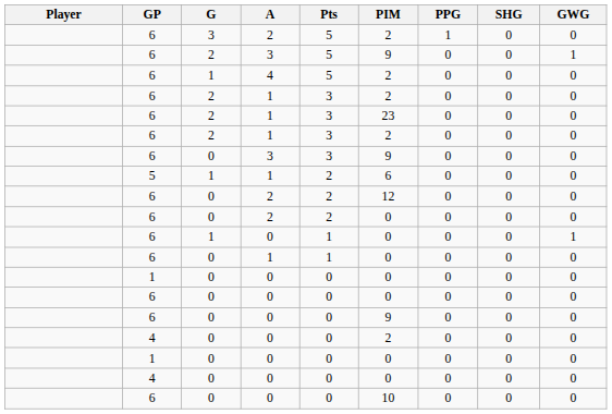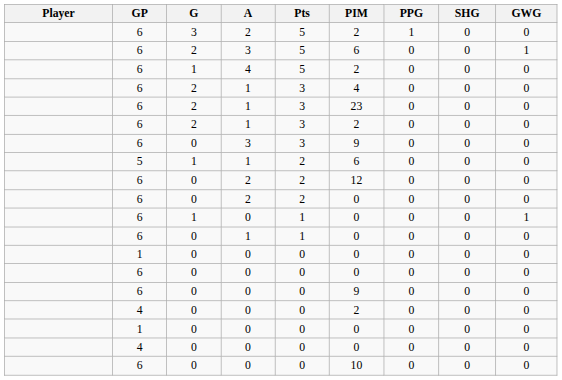 <table class="wikitable sortable" width="60%">
 <tr ALIGN="center">
 <th bgcolor="#DDDDFF" width="10%">Player</th>
 <th bgcolor="#DDDDFF" width="5%" title="Games played">GP</th>
 <th bgcolor="#DDDDFF" width="5%" title="Goals">G</th>
 <th bgcolor="#DDDDFF" width="5%" title="Assists">A</th>
 <th bgcolor="#DDDDFF" width="5%" title="Points">Pts</th>
 <th bgcolor="#DDDDFF" width="5%" title="Penalties in Minutes">PIM</th>
 <th bgcolor="#DDDDFF" width="5%" title="Power Play Goals">PPG</th>
 <th bgcolor="#DDDDFF" width="5%" title="Short-handed Goals">SHG</th>
 <th bgcolor="#DDDDFF" width="5%" title="Game-winning Goals">GWG</th>
 </tr>
 <tr align="center">
 <td align="right"></td>
 <td>6</td>
 <td>3</td>
 <td>2</td>
 <td>5</td>
 <td>2</td>
 <td>1</td>
 <td>0</td>
 <td>0</td>
 </tr>
 <tr align="center">
 <td align="right"></td>
 <td>6</td>
 <td>2</td>
 <td>3</td>
 <td>5</td>
-<td>9</td>
+<td>6</td>
 <td>0</td>
 <td>0</td>
 <td>1</td>
 </tr>
 <tr align="center">
 <td align="right"></td>
 <td>6</td>
 <td>1</td>
 <td>4</td>
 <td>5</td>
 <td>2</td>
 <td>0</td>
 <td>0</td>
 <td>0</td>
 </tr>
 <tr align="center">
 <td align="right"></td>
 <td>6</td>
 <td>2</td>
 <td>1</td>
 <td>3</td>
-<td>2</td>
+<td>4</td>
 <td>0</td>
 <td>0</td>
 <td>0</td>
 </tr>
 <tr align="center">
 <td align="right"></td>
 <td>6</td>
 <td>2</td>
 <td>1</td>
 <td>3</td>
 <td>23</td>
 <td>0</td>
 <td>0</td>
 <td>0</td>
 </tr>
 <tr align="center">
 <td align="right"></td>
 <td>6</td>
 <td>2</td>
 <td>1</td>
 <td>3</td>
 <td>2</td>
 <td>0</td>
 <td>0</td>
 <td>0</td>
 </tr>
 <tr align="center">
 <td align="right"></td>
 <td>6</td>
 <td>0</td>
 <td>3</td>
 <td>3</td>
 <td>9</td>
 <td>0</td>
 <td>0</td>
 <td>0</td>
 </tr>
 <tr align="center">
 <td align="right"></td>
 <td>5</td>
 <td>1</td>
 <td>1</td>
 <td>2</td>
 <td>6</td>
 <td>0</td>
 <td>0</td>
 <td>0</td>
 </tr>
 <tr align="center">
 <td align="right"></td>
 <td>6</td>
 <td>0</td>
 <td>2</td>
 <td>2</td>
 <td>12</td>
 <td>0</td>
 <td>0</td>
 <td>0</td>
 </tr>
 <tr align="center">
 <td align="right"></td>
 <td>6</td>
 <td>0</td>
 <td>2</td>
 <td>2</td>
 <td>0</td>
 <td>0</td>
 <td>0</td>
 <td>0</td>
 </tr>
 <tr align="center">
 <td align="right"></td>
 <td>6</td>
 <td>1</td>
 <td>0</td>
 <td>1</td>
 <td>0</td>
 <td>0</td>
 <td>0</td>
 <td>1</td>
 </tr>
 <tr align="center">
 <td align="right"></td>
 <td>6</td>
 <td>0</td>
 <td>1</td>
 <td>1</td>
 <td>0</td>
 <td>0</td>
 <td>0</td>
 <td>0</td>
 </tr>
 <tr align="center">
 <td align="right"></td>
 <td>1</td>
 <td>0</td>
 <td>0</td>
 <td>0</td>
 <td>0</td>
 <td>0</td>
 <td>0</td>
 <td>0</td>
 </tr>
 <tr align="center">
 <td align="right"></td>
 <td>6</td>
 <td>0</td>
 <td>0</td>
 <td>0</td>
 <td>0</td>
 <td>0</td>
 <td>0</td>
 <td>0</td>
 </tr>
 <tr align="center">
 <td align="right"></td>
 <td>6</td>
 <td>0</td>
 <td>0</td>
 <td>0</td>
 <td>9</td>
 <td>0</td>
 <td>0</td>
 <td>0</td>
 </tr>
 <tr align="center">
 <td align="right"></td>
 <td>4</td>
 <td>0</td>
 <td>0</td>
 <td>0</td>
 <td>2</td>
 <td>0</td>
 <td>0</td>
 <td>0</td>
 </tr>
 <tr align="center">
 <td align="right"></td>
 <td>1</td>
 <td>0</td>
 <td>0</td>
 <td>0</td>
 <td>0</td>
 <td>0</td>
 <td>0</td>
 <td>0</td>
 </tr>
 <tr align="center">
 <td align="right"></td>
 <td>4</td>
 <td>0</td>
 <td>0</td>
 <td>0</td>
 <td>0</td>
 <td>0</td>
 <td>0</td>
 <td>0</td>
 </tr>
 <tr align="center">
 <td align="right"></td>
 <td>6</td>
 <td>0</td>
 <td>0</td>
 <td>0</td>
 <td>10</td>
 <td>0</td>
 <td>0</td>
 <td>0</td>
 </tr>
 </table>
